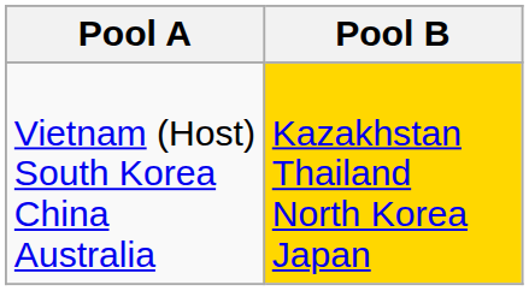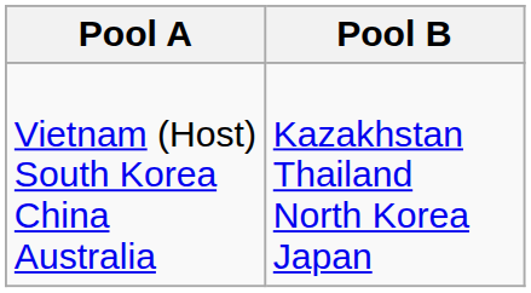 <table class="wikitable">
 <tr>
 <th width=50%>Pool A</th>
 <th width=50%>Pool B</th>
 </tr>
 <tr>
 <td><br> <a href='#'>Vietnam</a> (Host)<br>  <a href='#'>South Korea</a> <br>  <a href='#'>China</a> <br>  <a href='#'>Australia</a> <br></td>
-<td style="background: gold;"><br> <a href='#'>Kazakhstan</a> <br>  <a href='#'>Thailand</a> <br>  <a href='#'>North Korea</a> <br>  <a href='#'>Japan</a> <br></td>
+<td><br> <a href='#'>Kazakhstan</a> <br>  <a href='#'>Thailand</a> <br>  <a href='#'>North Korea</a> <br>  <a href='#'>Japan</a> <br></td>
 </tr>
 </table>
